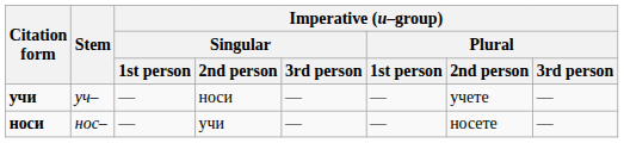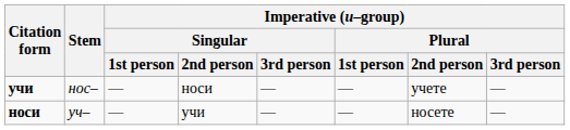 <table class="wikitable">
 <tr>
 <th rowspan="3">Citation<br>form</th>
 <th rowspan="3">Stem</th>
 <th colspan="6">Imperative (<em>и</em>–group)</th>
 </tr>
 <tr>
 <th colspan="3">Singular</th>
 <th colspan="3">Plural</th>
 </tr>
 <tr>
 <th>1st person</th>
 <th>2nd person</th>
 <th>3rd person</th>
 <th>1st person</th>
 <th>2nd person</th>
 <th>3rd person</th>
 </tr>
 <tr>
 <td><strong>учи</strong></td>
-<td><em>уч–</em></td>
+<td><em>нос–</em></td>
 <td>—</td>
 <td>нос<span>и</span></td>
 <td>—</td>
 <td>—</td>
 <td>уч<span>е</span><span>те</span></td>
 <td>—</td>
 </tr>
 <tr>
 <td><strong>носи</strong></td>
-<td><em>нос–</em></td>
+<td><em>уч–</em></td>
 <td>—</td>
 <td>уч<span>и</span></td>
 <td>—</td>
 <td>—</td>
 <td>нос<span>е</span><span>те</span></td>
 <td>—</td>
 </tr>
 </table>
